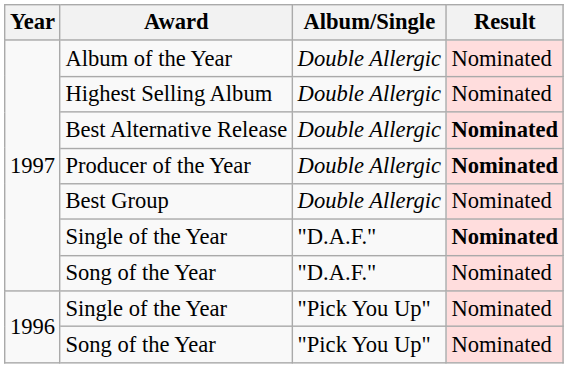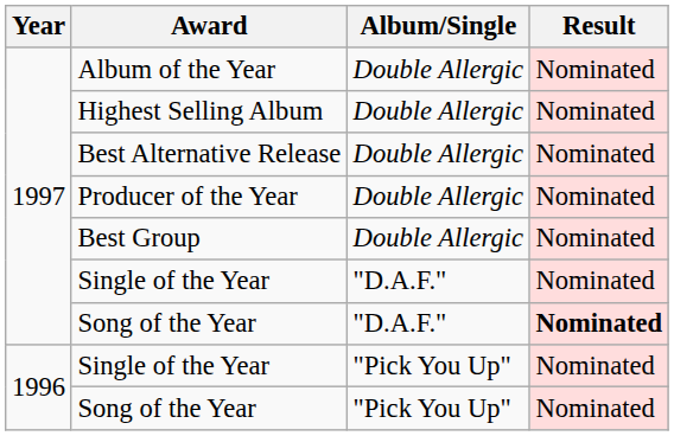 <table class="wikitable">
 <tr>
 <th align="center">Year</th>
 <th align="center">Award</th>
 <th align="center">Album/Single</th>
 <th align="center">Result</th>
 </tr>
 <tr>
 <td rowspan=7>1997</td>
 <td>Album of the Year</td>
 <td><em>Double Allergic</em></td>
 <td style="background: #ffdddd">Nominated</td>
 </tr>
 <tr>
 <td>Highest Selling Album</td>
 <td><em>Double Allergic</em></td>
 <td style="background: #ffdddd">Nominated</td>
 </tr>
 <tr>
 <td>Best Alternative Release</td>
 <td><em>Double Allergic</em></td>
-<td style="background: #ffdddd"><strong>Nominated</strong></td>
+<td style="background: #ffdddd">Nominated</td>
 </tr>
 <tr>
 <td>Producer of the Year</td>
 <td><em>Double Allergic</em></td>
-<td style="background: #ffdddd"><strong>Nominated</strong></td>
+<td style="background: #ffdddd">Nominated</td>
 </tr>
 <tr>
 <td>Best Group</td>
 <td><em>Double Allergic</em></td>
 <td style="background: #ffdddd">Nominated</td>
 </tr>
 <tr>
 <td>Single of the Year</td>
 <td>"D.A.F."</td>
-<td style="background: #ffdddd"><strong>Nominated</strong></td>
+<td style="background: #ffdddd">Nominated</td>
 </tr>
 <tr>
 <td>Song of the Year</td>
 <td>"D.A.F."</td>
-<td style="background: #ffdddd">Nominated</td>
+<td style="background: #ffdddd"><strong>Nominated</strong></td>
 </tr>
 <tr>
 <td rowspan=2>1996</td>
 <td>Single of the Year</td>
 <td>"Pick You Up"</td>
 <td style="background: #ffdddd">Nominated</td>
 </tr>
 <tr>
 <td>Song of the Year</td>
 <td>"Pick You Up"</td>
 <td style="background: #ffdddd">Nominated</td>
 </tr>
 </table>
